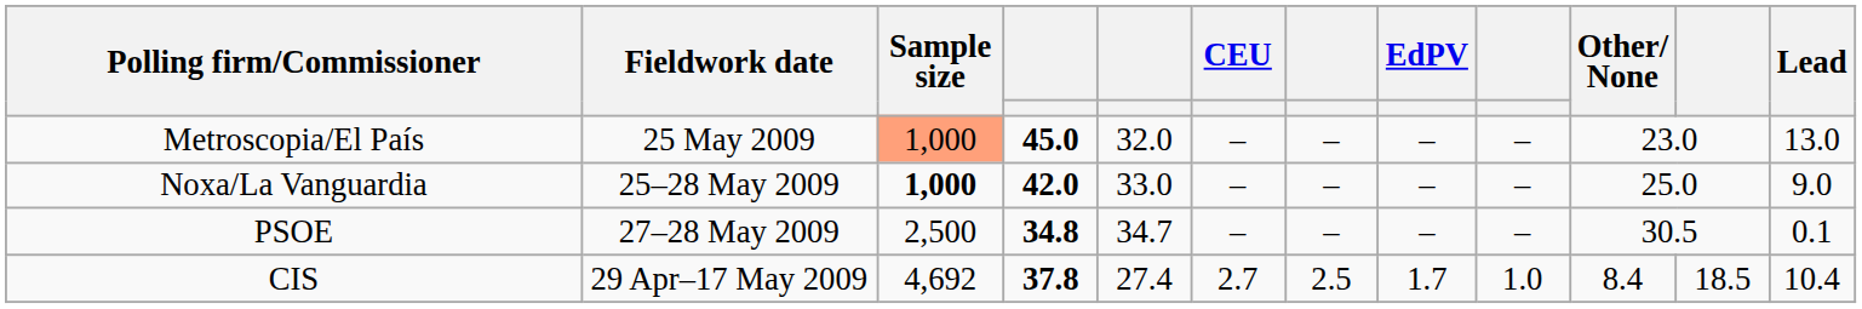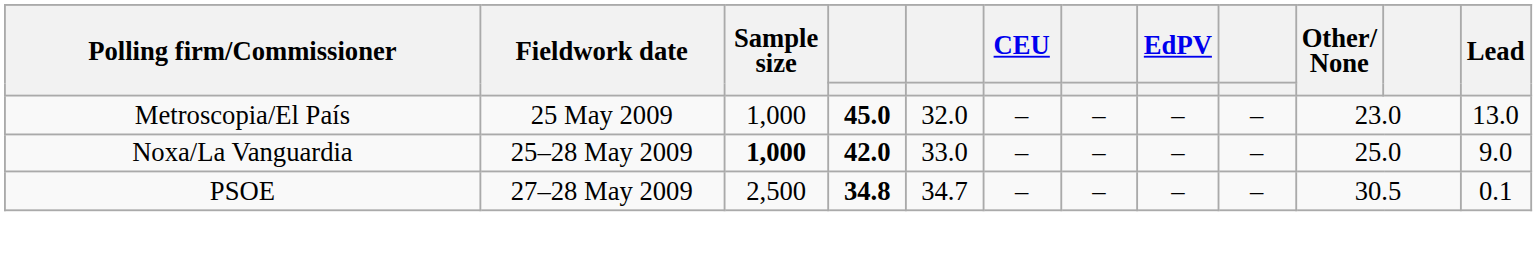 <table class="wikitable collapsible collapsed" style="text-align:center; font-size:90%; line-height:14px;">
 <tr style="height:42px;">
 <th style="width:250px;" rowspan="2">Polling firm/Commissioner</th>
 <th style="width:125px;" rowspan="2">Fieldwork date</th>
 <th style="width:50px;" rowspan="2">Sample size</th>
 <th style="width:35px;"></th>
 <th style="width:35px;"></th>
 <th style="width:35px;"><a href='#'>CEU</a></th>
 <th style="width:35px;"></th>
 <th style="width:35px;"><a href='#'>EdPV</a></th>
 <th style="width:35px;"></th>
 <th style="width:35px;" rowspan="2">Other/<br>None</th>
 <th style="width:35px;" rowspan="2"></th>
 <th style="width:30px;" rowspan="2">Lead</th>
 </tr>
 <tr>
 <th style="color:inherit;background:"></th>
 <th style="color:inherit;background:"></th>
 <th style="color:inherit;background:"></th>
 <th style="color:inherit;background:"></th>
 <th style="color:inherit;background:"></th>
 <th style="color:inherit;background:"></th>
 </tr>
 <tr>
 <td>Metroscopia/El País</td>
 <td>25 May 2009</td>
-<td style="background: lightsalmon;">1,000</td>
+<td>1,000</td>
 <td><strong>45.0</strong></td>
 <td>32.0</td>
 <td>–</td>
 <td>–</td>
 <td>–</td>
 <td>–</td>
 <td colspan="2">23.0</td>
 <td style="background:">13.0</td>
 </tr>
 <tr>
 <td>Noxa/La Vanguardia</td>
 <td>25–28 May 2009</td>
 <td><strong>1,000</strong></td>
 <td><strong>42.0</strong></td>
 <td>33.0</td>
 <td>–</td>
 <td>–</td>
 <td>–</td>
 <td>–</td>
 <td colspan="2">25.0</td>
 <td style="background:">9.0</td>
 </tr>
 <tr>
 <td>PSOE</td>
 <td>27–28 May 2009</td>
 <td>2,500</td>
 <td><strong>34.8</strong></td>
 <td>34.7</td>
 <td>–</td>
 <td>–</td>
 <td>–</td>
 <td>–</td>
 <td colspan="2">30.5</td>
 <td style="background:">0.1</td>
 </tr>
-<tr>
-<td>CIS</td>
-<td>29 Apr–17 May 2009</td>
-<td>4,692</td>
-<td><strong>37.8</strong></td>
-<td>27.4</td>
-<td>2.7</td>
-<td>2.5</td>
-<td>1.7</td>
-<td>1.0</td>
-<td>8.4</td>
-<td>18.5</td>
-<td style="background:">10.4</td>
-</tr>
 </table>
